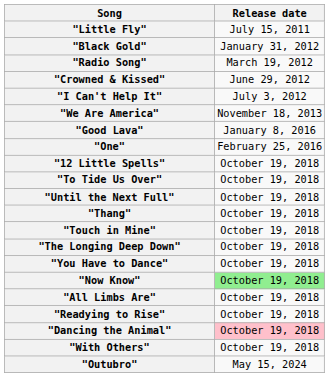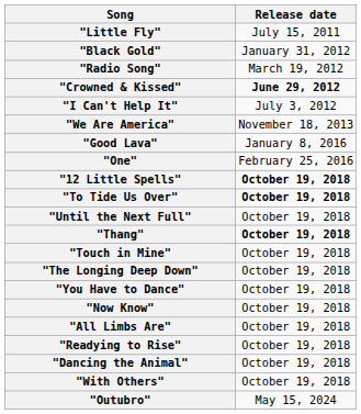 <table class="wikitable plainrowheaders" style="text-align:center;">
 <tr>
 <th scope="col" style="width:20em;">Song</th>
 <th scope="col">Release date</th>
 </tr>
 <tr>
 <th scope="row">"Little Fly"</th>
 <td>July 15, 2011</td>
 </tr>
 <tr>
 <th scope="row">"Black Gold"</th>
 <td>January 31, 2012</td>
 </tr>
 <tr>
 <th scope="row">"Radio Song"</th>
 <td>March 19, 2012</td>
 </tr>
 <tr>
 <th scope="row">"Crowned & Kissed"</th>
-<td>June 29, 2012</td>
+<td><strong>June 29, 2012</strong></td>
 </tr>
 <tr>
 <th scope="row">"I Can't Help It"</th>
 <td>July 3, 2012</td>
 </tr>
 <tr>
 <th scope="row">"We Are America"</th>
 <td>November 18, 2013</td>
 </tr>
 <tr>
 <th scope="row">"Good Lava"</th>
 <td>January 8, 2016</td>
 </tr>
 <tr>
 <th scope="row">"One"</th>
 <td>February 25, 2016</td>
 </tr>
 <tr>
 <th scope="row">"12 Little Spells"</th>
-<td>October 19, 2018</td>
+<td><strong>October 19, 2018</strong></td>
 </tr>
 <tr>
 <th scope="row">"To Tide Us Over"</th>
-<td>October 19, 2018</td>
+<td><strong>October 19, 2018</strong></td>
 </tr>
 <tr>
 <th scope="row">"Until the Next Full"</th>
 <td>October 19, 2018</td>
 </tr>
 <tr>
 <th scope="row">"Thang"</th>
-<td>October 19, 2018</td>
+<td><strong>October 19, 2018</strong></td>
 </tr>
 <tr>
 <th scope="row">"Touch in Mine"</th>
 <td>October 19, 2018</td>
 </tr>
 <tr>
 <th scope="row">"The Longing Deep Down"</th>
 <td>October 19, 2018</td>
 </tr>
 <tr>
 <th scope="row">"You Have to Dance"</th>
 <td>October 19, 2018</td>
 </tr>
 <tr>
 <th scope="row">"Now Know"</th>
-<td style="background: lightgreen;">October 19, 2018</td>
+<td>October 19, 2018</td>
 </tr>
 <tr>
 <th scope="row">"All Limbs Are"</th>
 <td>October 19, 2018</td>
 </tr>
 <tr>
 <th scope="row">"Readying to Rise"</th>
 <td>October 19, 2018</td>
 </tr>
 <tr>
 <th scope="row">"Dancing the Animal"</th>
-<td style="background: pink;">October 19, 2018</td>
+<td>October 19, 2018</td>
 </tr>
 <tr>
 <th scope="row">"With Others"</th>
 <td>October 19, 2018</td>
 </tr>
 <tr>
 <th scope="row">"Outubro"</th>
 <td>May 15, 2024</td>
 </tr>
 </table>
